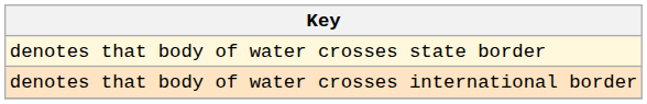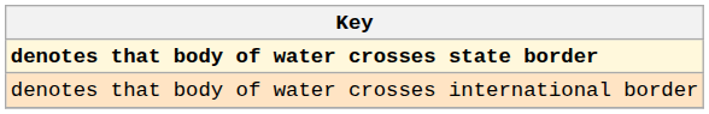 <table class="wikitable">
 <tr>
 <th>Key</th>
 </tr>
 <tr>
-<td bgcolor="#FFF8DC"> denotes that body of water crosses state border</td>
+<td bgcolor="#FFF8DC"><strong> denotes that body of water crosses state border</strong></td>
 </tr>
 <tr>
 <td bgcolor="#FFE4C4"> denotes that body of water crosses international border</td>
 </tr>
 <tr>
 </tr>
 </table>
